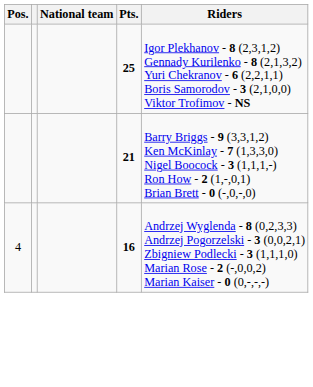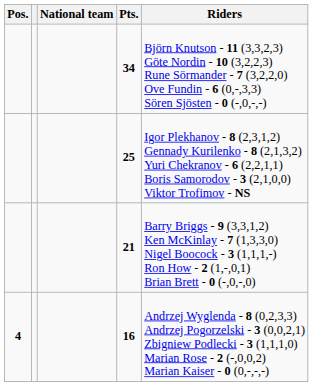 <table class=wikitable style="font-size:93%;">
 <tr>
 <th>Pos.</th>
 <th></th>
 <th>National team</th>
 <th>Pts.</th>
 <th>Riders</th>
+</tr>
+<tr align=center >
+<td></td>
+<td></td>
+<td align=left></td>
+<td><strong>34</strong></td>
+<td align=left><br><a href='#'>Björn Knutson</a> - <strong>11</strong> (3,3,2,3)<br> <a href='#'>Göte Nordin</a> - <strong>10</strong> (3,2,2,3) <br> <a href='#'>Rune Sörmander</a> - <strong>7</strong> (3,2,2,0) <br> <a href='#'>Ove Fundin</a> - <strong>6</strong> (0,-,3,3) <br> <a href='#'>Sören Sjösten</a> - <strong>0</strong> (-,0,-,-) <br></td>
 </tr>
 <tr align=center >
 <td></td>
 <td></td>
 <td align=left></td>
 <td><strong>25</strong></td>
 <td align=left><br><a href='#'>Igor Plekhanov</a> - <strong>8</strong> (2,3,1,2)<br> <a href='#'>Gennady Kurilenko</a> - <strong>8</strong> (2,1,3,2)<br> <a href='#'>Yuri Chekranov</a> - <strong>6</strong> (2,2,1,1)<br> <a href='#'>Boris Samorodov</a> - <strong>3</strong> (2,1,0,0)<br> <a href='#'>Viktor Trofimov</a> - <strong>NS</strong> <br></td>
 </tr>
 <tr align=center >
 <td></td>
 <td></td>
 <td align=left></td>
 <td><strong>21</strong></td>
 <td align=left><br><a href='#'>Barry Briggs</a> - <strong>9</strong> (3,3,1,2)<br> <a href='#'>Ken McKinlay</a> - <strong>7</strong> (1,3,3,0)<br> <a href='#'>Nigel Boocock</a> - <strong>3</strong> (1,1,1,-)<br> <a href='#'>Ron How</a> - <strong>2</strong> (1,-,0,1)<br> <a href='#'>Brian Brett</a> - <strong>0</strong> (-,0,-,0)<br></td>
 </tr>
 <tr align=center>
-<td>4</td>
+<td><strong>4</strong></td>
 <td></td>
 <td align=left></td>
 <td><strong>16</strong></td>
 <td align=left><br><a href='#'>Andrzej Wyglenda</a> - <strong>8</strong> (0,2,3,3)<br> <a href='#'>Andrzej Pogorzelski</a> - <strong>3</strong> (0,0,2,1)<br> <a href='#'>Zbigniew Podlecki</a> - <strong>3</strong> (1,1,1,0)<br> <a href='#'>Marian Rose</a> - <strong>2</strong> (-,0,0,2)<br> <a href='#'>Marian Kaiser</a> - <strong>0</strong> (0,-,-,-)<br></td>
 </tr>
 </table>
